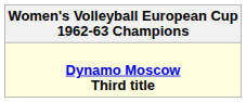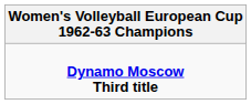 <table class=wikitable style="text-align:center; margin:auto">
 <tr>
 <th>Women's Volleyball European Cup<br> 1962-63 Champions</th>
 </tr>
 <tr>
-<td style="background: lightyellow;"><br>  <strong><a href='#'>Dynamo Moscow</a></strong> <br> <strong>Third title</strong></td>
+<td><br>  <strong><a href='#'>Dynamo Moscow</a></strong> <br> <strong>Third title</strong></td>
 </tr>
 </table>
